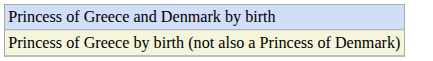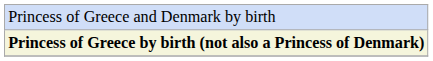 <table class="wikitable">
 <tr>
 <td style="background:#d0def8">Princess of Greece and Denmark by birth</td>
 </tr>
 <tr>
-<td style="background:beige">Princess of Greece by birth (not also a Princess of Denmark)</td>
+<td style="background:beige"><strong>Princess of Greece by birth (not also a Princess of Denmark)</strong></td>
 </tr>
 <tr>
 </tr>
 </table>
